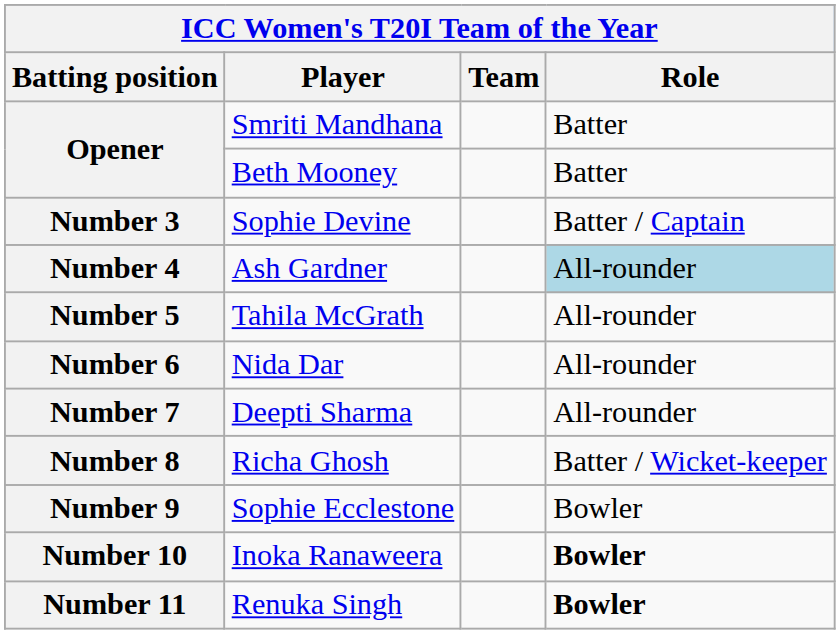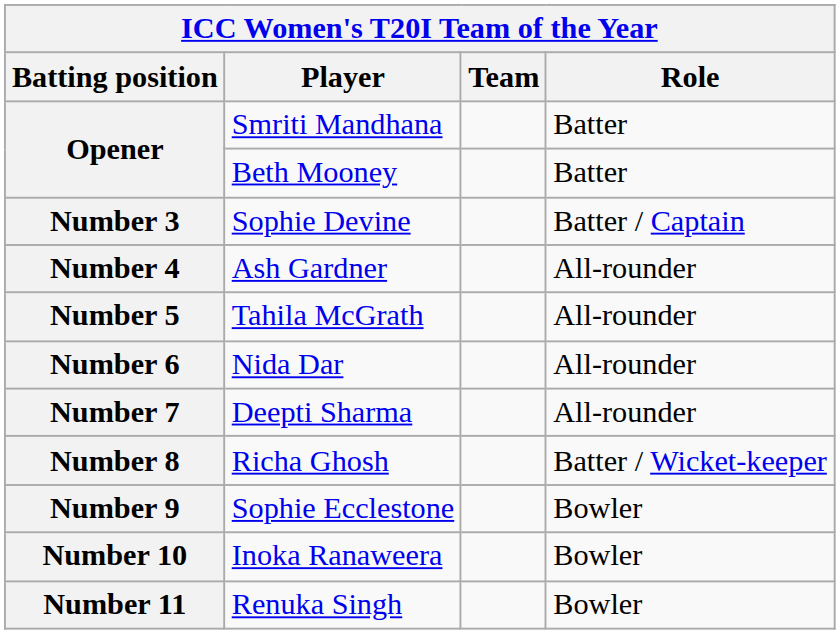 <table class="wikitable plainrowheaders">
 <tr style="background:#9cf;">
 <th colspan="5"><a href='#'>ICC Women's T20I Team of the Year</a></th>
 </tr>
 <tr>
 <th>Batting position</th>
 <th>Player</th>
 <th>Team</th>
 <th>Role</th>
 </tr>
 <tr>
 <th scope=row style=text-align:center; rowspan=2>Opener</th>
 <td><a href='#'>Smriti Mandhana</a></td>
 <td></td>
 <td>Batter</td>
 </tr>
 <tr>
 <td><a href='#'>Beth Mooney</a></td>
 <td></td>
 <td>Batter</td>
 </tr>
 <tr>
 <th scope=row style=text-align:center;>Number 3</th>
 <td><a href='#'>Sophie Devine</a></td>
 <td></td>
 <td>Batter / <a href='#'>Captain</a></td>
 </tr>
 <tr>
 <th scope=row style=text-align:center;>Number 4</th>
 <td><a href='#'>Ash Gardner</a></td>
 <td></td>
-<td style="background: lightblue;">All-rounder</td>
+<td>All-rounder</td>
 </tr>
 <tr>
 <th scope=row style=text-align:center;>Number 5</th>
 <td><a href='#'>Tahila McGrath</a></td>
 <td></td>
 <td>All-rounder</td>
 </tr>
 <tr>
 <th scope=row style=text-align:center;>Number 6</th>
 <td><a href='#'>Nida Dar</a></td>
 <td></td>
 <td>All-rounder</td>
 </tr>
 <tr>
 <th scope=row style=text-align:center;>Number 7</th>
 <td><a href='#'>Deepti Sharma</a></td>
 <td></td>
 <td>All-rounder</td>
 </tr>
 <tr>
 <th scope=row style=text-align:center;>Number 8</th>
 <td><a href='#'>Richa Ghosh</a></td>
 <td></td>
 <td>Batter / <a href='#'>Wicket-keeper</a></td>
 </tr>
 <tr>
 <th scope=row style=text-align:center;>Number 9</th>
 <td><a href='#'>Sophie Ecclestone</a></td>
 <td></td>
 <td>Bowler</td>
 </tr>
 <tr>
 <th scope=row style=text-align:center;>Number 10</th>
 <td><a href='#'>Inoka Ranaweera</a></td>
 <td></td>
-<td><strong>Bowler</strong></td>
+<td>Bowler</td>
 </tr>
 <tr>
 <th scope=row style=text-align:center;>Number 11</th>
 <td><a href='#'>Renuka Singh</a></td>
 <td></td>
-<td><strong>Bowler</strong></td>
+<td>Bowler</td>
 </tr>
 </table>
